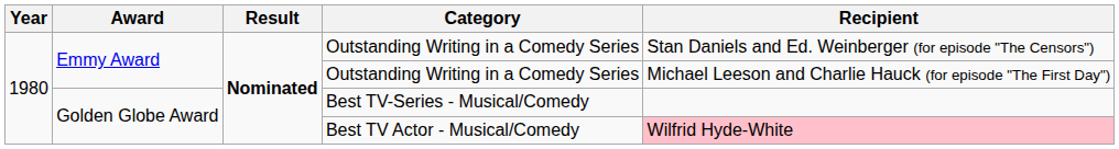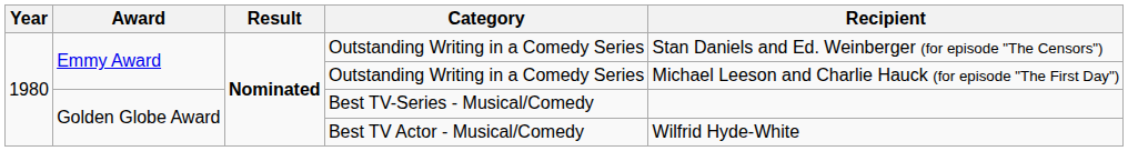 <table class="wikitable">
 <tr>
 <th>Year</th>
 <th>Award</th>
 <th>Result</th>
 <th>Category</th>
 <th>Recipient</th>
 </tr>
 <tr>
 <td rowspan=4>1980</td>
 <td rowspan=2><a href='#'>Emmy Award</a></td>
 <td rowspan=4><strong>Nominated</strong></td>
 <td>Outstanding Writing in a Comedy Series</td>
 <td>Stan Daniels and Ed. Weinberger <small>(for episode "The Censors")</small></td>
 </tr>
 <tr>
 <td>Outstanding Writing in a Comedy Series</td>
 <td>Michael Leeson and Charlie Hauck <small>(for episode "The First Day")</small></td>
 </tr>
 <tr>
 <td rowspan=2>Golden Globe Award</td>
 <td>Best TV-Series - Musical/Comedy</td>
 <td></td>
 </tr>
 <tr>
 <td>Best TV Actor - Musical/Comedy</td>
-<td style="background: pink;">Wilfrid Hyde-White</td>
+<td>Wilfrid Hyde-White</td>
 </tr>
 </table>
